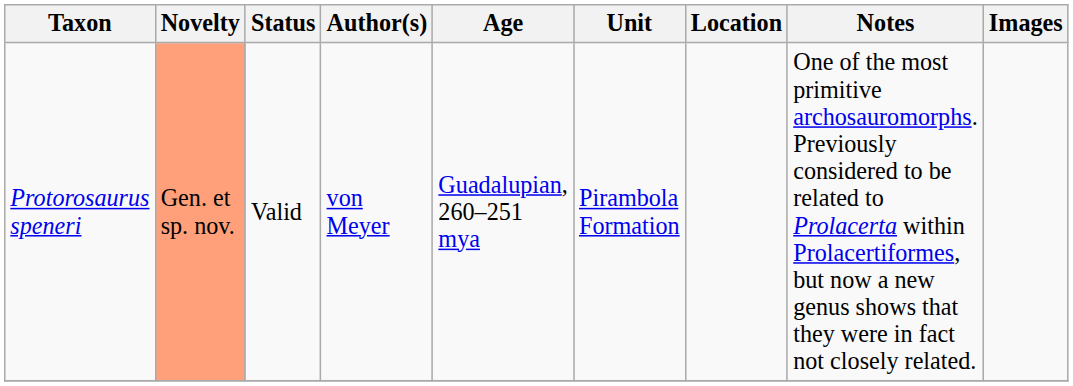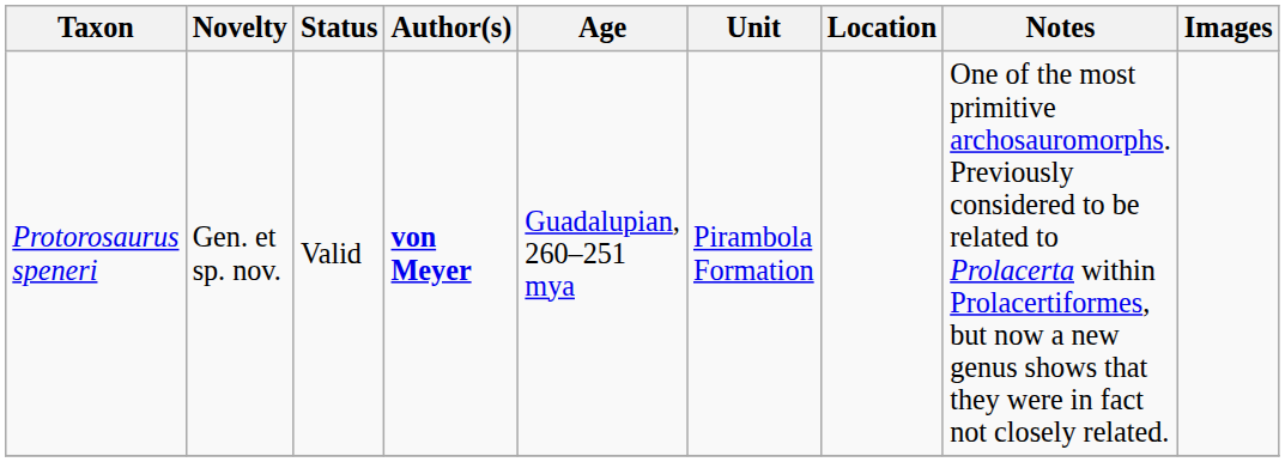 <table class="wikitable sortable" align="center" width="100%">
 <tr>
 <th>Taxon</th>
 <th>Novelty</th>
 <th>Status</th>
 <th>Author(s)</th>
 <th>Age</th>
 <th>Unit</th>
 <th>Location</th>
 <th>Notes</th>
 <th>Images</th>
 </tr>
 <tr>
 <td><em><a href='#'>Protorosaurus speneri</a></em></td>
-<td style="background: lightsalmon;">Gen. et sp. nov.</td>
+<td>Gen. et sp. nov.</td>
 <td>Valid</td>
-<td><a href='#'>von Meyer</a></td>
+<td><strong><a href='#'>von Meyer</a></strong></td>
 <td><a href='#'>Guadalupian</a>, 260–251 <a href='#'>mya</a></td>
 <td><a href='#'>Pirambola Formation</a></td>
 <td></td>
 <td>One of the most primitive <a href='#'>archosauromorphs</a>. Previously considered to be related to <em><a href='#'>Prolacerta</a></em> within <a href='#'>Prolacertiformes</a>, but now a new genus shows that they were in fact not closely related.</td>
 <td></td>
 </tr>
 <tr>
 </tr>
 </table>
